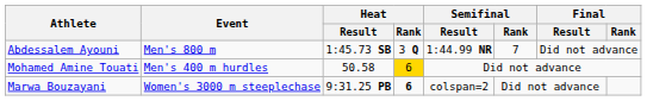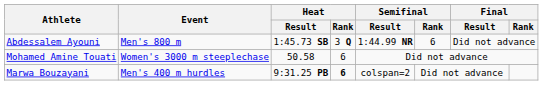 <table class="wikitable" style="font-size:90%">
 <tr>
 <th rowspan="2">Athlete</th>
 <th rowspan="2">Event</th>
 <th colspan="2">Heat</th>
 <th colspan="2">Semifinal</th>
 <th colspan="2">Final</th>
 </tr>
 <tr style="font-size:95%">
 <th>Result</th>
 <th>Rank</th>
 <th>Result</th>
 <th>Rank</th>
 <th>Result</th>
 <th>Rank</th>
 </tr>
 <tr align=center>
 <td align=left><a href='#'>Abdessalem Ayouni</a></td>
 <td align=left><a href='#'>Men's 800 m</a></td>
 <td>1:45.73 <strong>SB</strong></td>
 <td>3 <strong>Q</strong></td>
 <td>1:44.99 <strong>NR</strong></td>
-<td>7</td>
+<td>6</td>
 <td colspan="2">Did not advance</td>
 </tr>
 <tr align=center>
 <td align=left><a href='#'>Mohamed Amine Touati</a></td>
-<td align=left><a href='#'>Men's 400 m hurdles</a></td>
+<td align=left><a href='#'>Women's 3000 m steeplechase</a></td>
 <td>50.58</td>
-<td style="background: gold;">6</td>
+<td>6</td>
 <td colspan="4">Did not advance</td>
 </tr>
 <tr align=center>
 <td align=left><a href='#'>Marwa Bouzayani</a></td>
-<td align=left><a href='#'>Women's 3000 m steeplechase</a></td>
+<td align=left><a href='#'>Men's 400 m hurdles</a></td>
 <td>9:31.25 <strong>PB</strong></td>
 <td><strong>6</strong></td>
 <td>colspan=2</td>
 <td colspan=2>Did not advance</td>
 </tr>
 </table>
